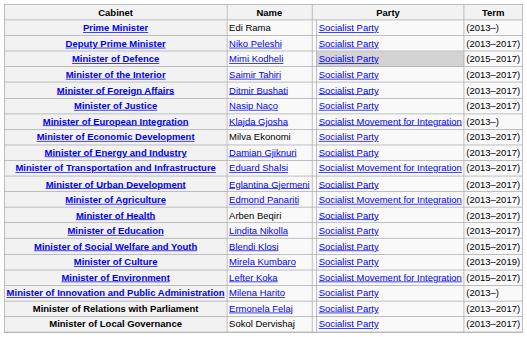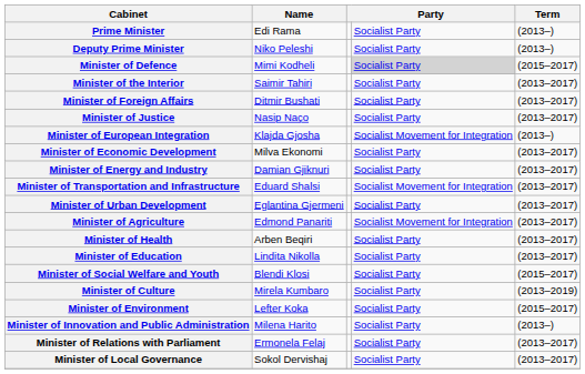 <table class="wikitable" style="font-size: 80%;">
 <tr>
 <th>Cabinet</th>
 <th>Name</th>
 <th colspan=2>Party</th>
 <th>Term</th>
 </tr>
 <tr>
 <th><a href='#'>Prime Minister</a></th>
 <td>Edi Rama</td>
 <td></td>
 <td><a href='#'>Socialist Party</a></td>
 <td>(2013–)</td>
 </tr>
 <tr>
 <th><a href='#'>Deputy Prime Minister</a></th>
 <td><a href='#'>Niko Peleshi</a></td>
 <td></td>
 <td><a href='#'>Socialist Party</a></td>
-<td>(2013–2017)</td>
+<td>(2013–)</td>
 </tr>
 <tr>
 <th><a href='#'>Minister of Defence</a></th>
 <td><a href='#'>Mimi Kodheli</a></td>
 <td></td>
 <td style="background: lightgrey;"><a href='#'>Socialist Party</a></td>
 <td>(2015–2017)</td>
 </tr>
 <tr>
 <th><a href='#'>Minister of the Interior</a></th>
 <td><a href='#'>Saimir Tahiri</a></td>
 <td></td>
 <td><a href='#'>Socialist Party</a></td>
 <td>(2013–2017)</td>
 </tr>
 <tr>
 <th><a href='#'>Minister of Foreign Affairs</a></th>
 <td><a href='#'>Ditmir Bushati</a></td>
 <td></td>
 <td><a href='#'>Socialist Party</a></td>
 <td>(2013–2017)</td>
 </tr>
 <tr>
 <th><a href='#'>Minister of Justice</a></th>
 <td><a href='#'>Nasip Naço</a></td>
 <td></td>
 <td><a href='#'>Socialist Party</a></td>
 <td>(2013–2017)</td>
 </tr>
 <tr>
 <th><a href='#'>Minister of European Integration</a></th>
 <td><a href='#'>Klajda Gjosha</a></td>
 <td></td>
 <td><a href='#'>Socialist Movement for Integration</a></td>
 <td>(2013–)</td>
 </tr>
 <tr>
 <th><a href='#'>Minister of Economic Development</a></th>
 <td>Milva Ekonomi</td>
 <td></td>
 <td><a href='#'>Socialist Party</a></td>
 <td>(2013–2017)</td>
 </tr>
 <tr>
 <th><a href='#'>Minister of Energy and Industry</a></th>
 <td><a href='#'>Damian Gjiknuri</a></td>
 <td></td>
 <td><a href='#'>Socialist Party</a></td>
 <td>(2013–2017)</td>
 </tr>
 <tr>
 <th><a href='#'>Minister of Transportation and Infrastructure</a></th>
 <td><a href='#'>Eduard Shalsi</a></td>
 <td></td>
 <td><a href='#'>Socialist Movement for Integration</a></td>
 <td>(2013–2017)</td>
 </tr>
 <tr>
 <th><a href='#'>Minister of Urban Development</a></th>
 <td><a href='#'>Eglantina Gjermeni</a></td>
 <td></td>
 <td><a href='#'>Socialist Party</a></td>
 <td>(2013–2017)</td>
 </tr>
 <tr>
 <th><a href='#'>Minister of Agriculture</a></th>
 <td><a href='#'>Edmond Panariti</a></td>
 <td></td>
 <td><a href='#'>Socialist Movement for Integration</a></td>
 <td>(2013–2017)</td>
 </tr>
 <tr>
 <th><a href='#'>Minister of Health</a></th>
 <td>Arben Beqiri</td>
 <td></td>
 <td><a href='#'>Socialist Party</a></td>
 <td>(2013–2017)</td>
 </tr>
 <tr>
 <th><a href='#'>Minister of Education</a></th>
 <td><a href='#'>Lindita Nikolla</a></td>
 <td></td>
 <td><a href='#'>Socialist Party</a></td>
 <td>(2013–2017)</td>
 </tr>
 <tr>
 <th><a href='#'>Minister of Social Welfare and Youth</a></th>
 <td><a href='#'>Blendi Klosi</a></td>
 <td></td>
 <td><a href='#'>Socialist Party</a></td>
 <td>(2015–2017)</td>
 </tr>
 <tr>
 <th><a href='#'>Minister of Culture</a></th>
 <td><a href='#'>Mirela Kumbaro</a></td>
 <td></td>
 <td><a href='#'>Socialist Party</a></td>
 <td>(2013–2019)</td>
 </tr>
 <tr>
 <th><a href='#'>Minister of Environment</a></th>
 <td><a href='#'>Lefter Koka</a></td>
 <td></td>
-<td><a href='#'>Socialist Movement for Integration</a></td>
+<td><a href='#'>Socialist Party</a></td>
 <td>(2015–2017)</td>
 </tr>
 <tr>
 <th><a href='#'>Minister of Innovation and Public Administration</a></th>
 <td><a href='#'>Milena Harito</a></td>
 <td></td>
 <td><a href='#'>Socialist Party</a></td>
 <td>(2013–)</td>
 </tr>
 <tr>
 <th>Minister of Relations with Parliament</th>
 <td><a href='#'>Ermonela Felaj</a></td>
 <td></td>
 <td><a href='#'>Socialist Party</a></td>
 <td>(2013–2017)</td>
 </tr>
 <tr>
 <th>Minister of Local Governance</th>
 <td>Sokol Dervishaj</td>
 <td></td>
 <td><a href='#'>Socialist Party</a></td>
 <td>(2013–2017)</td>
 </tr>
 <tr>
 </tr>
 </table>
